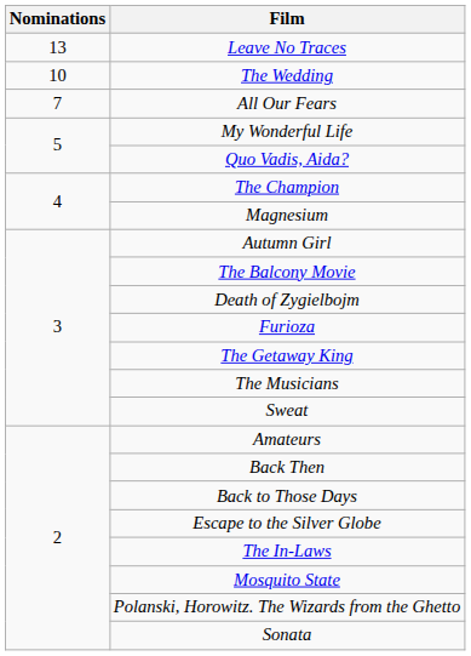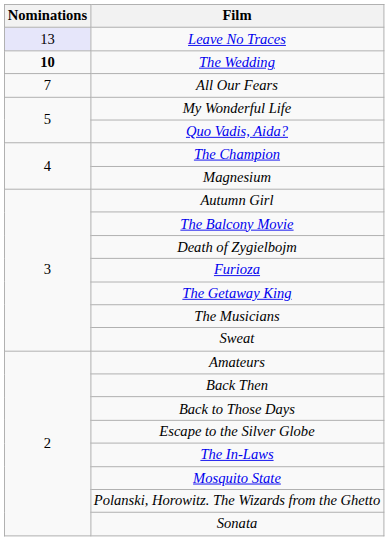 <table class="wikitable plainrowheaders" style="text-align: center;">
 <tr>
 <th scope="col" style="width:55px;">Nominations</th>
 <th scope="col" style="text-align:center;">Film</th>
 </tr>
 <tr>
-<td>13</td>
+<td style="background: lavender;">13</td>
 <td><em><a href='#'>Leave No Traces</a></em></td>
 </tr>
 <tr>
-<td>10</td>
+<td><strong>10</strong></td>
 <td><em><a href='#'>The Wedding</a></em></td>
 </tr>
 <tr>
 <td>7</td>
 <td><em>All Our Fears</em></td>
 </tr>
 <tr>
 <td rowspan="2">5</td>
 <td><em>My Wonderful Life</em></td>
 </tr>
 <tr>
 <td><em><a href='#'>Quo Vadis, Aida?</a></em></td>
 </tr>
 <tr>
 <td rowspan="2">4</td>
 <td><em><a href='#'>The Champion</a></em></td>
 </tr>
 <tr>
 <td><em>Magnesium</em></td>
 </tr>
 <tr>
 <td rowspan="7">3</td>
 <td><em>Autumn Girl</em></td>
 </tr>
 <tr>
 <td><em><a href='#'>The Balcony Movie</a></em></td>
 </tr>
 <tr>
 <td><em>Death of Zygielbojm</em></td>
 </tr>
 <tr>
 <td><em><a href='#'>Furioza</a></em></td>
 </tr>
 <tr>
 <td><em><a href='#'>The Getaway King</a></em></td>
 </tr>
 <tr>
 <td><em>The Musicians</em></td>
 </tr>
 <tr>
 <td><em>Sweat</em></td>
 </tr>
 <tr>
 <td rowspan="8">2</td>
 <td><em>Amateurs</em></td>
 </tr>
 <tr>
 <td><em>Back Then</em></td>
 </tr>
 <tr>
 <td><em>Back to Those Days</em></td>
 </tr>
 <tr>
 <td><em>Escape to the Silver Globe</em></td>
 </tr>
 <tr>
 <td><em><a href='#'>The In-Laws</a></em></td>
 </tr>
 <tr>
 <td><em><a href='#'>Mosquito State</a></em></td>
 </tr>
 <tr>
 <td><em>Polanski, Horowitz. The Wizards from the Ghetto</em></td>
 </tr>
 <tr>
 <td><em>Sonata</em></td>
 </tr>
 </table>
